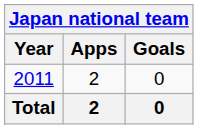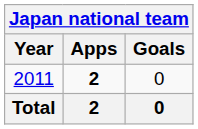 <table class="wikitable" style="text-align:center">
 <tr>
 <th colspan=3><a href='#'>Japan national team</a></th>
 </tr>
 <tr>
 <th>Year</th>
 <th>Apps</th>
 <th>Goals</th>
 </tr>
 <tr>
 <td><a href='#'>2011</a></td>
-<td>2</td>
+<td><strong>2</strong></td>
 <td>0</td>
 </tr>
 <tr>
 <th>Total</th>
 <th>2</th>
 <th>0</th>
 </tr>
 </table>
